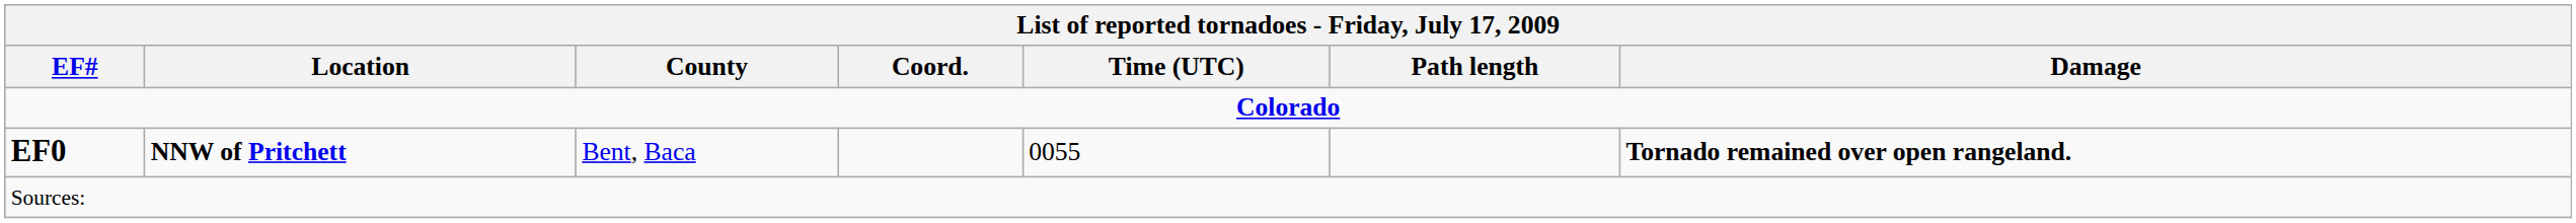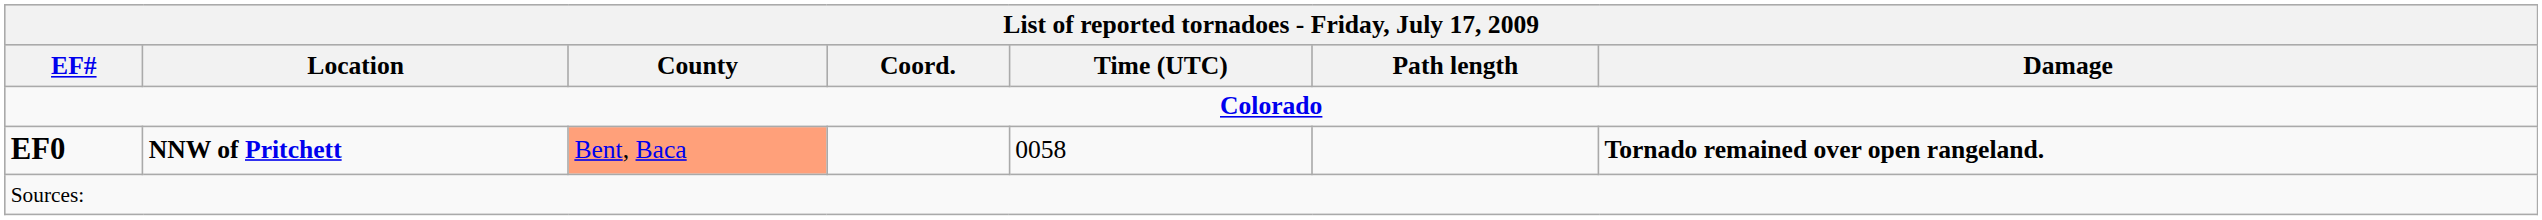 <table class="wikitable collapsible" style="width:100%;">
 <tr>
 <th colspan="7">List of reported tornadoes - Friday, July 17, 2009</th>
 </tr>
 <tr>
 <th><a href='#'>EF#</a></th>
 <th>Location</th>
 <th>County</th>
 <th>Coord.</th>
 <th>Time (UTC)</th>
 <th>Path length</th>
 <th>Damage</th>
 </tr>
 <tr>
 <td colspan="7" style="text-align:center;"><strong><a href='#'>Colorado</a></strong></td>
 </tr>
 <tr>
 <td><big><strong>EF0</strong></big></td>
 <td><strong>NNW of <a href='#'>Pritchett</a></strong></td>
-<td><a href='#'>Bent</a>, <a href='#'>Baca</a></td>
+<td style="background: lightsalmon;"><a href='#'>Bent</a>, <a href='#'>Baca</a></td>
 <td></td>
-<td>0055</td>
+<td>0058</td>
 <td></td>
 <td><strong>Tornado remained over open rangeland.</strong></td>
 </tr>
 <tr>
 <td colspan="7"><small>Sources: </small></td>
 </tr>
 </table>
